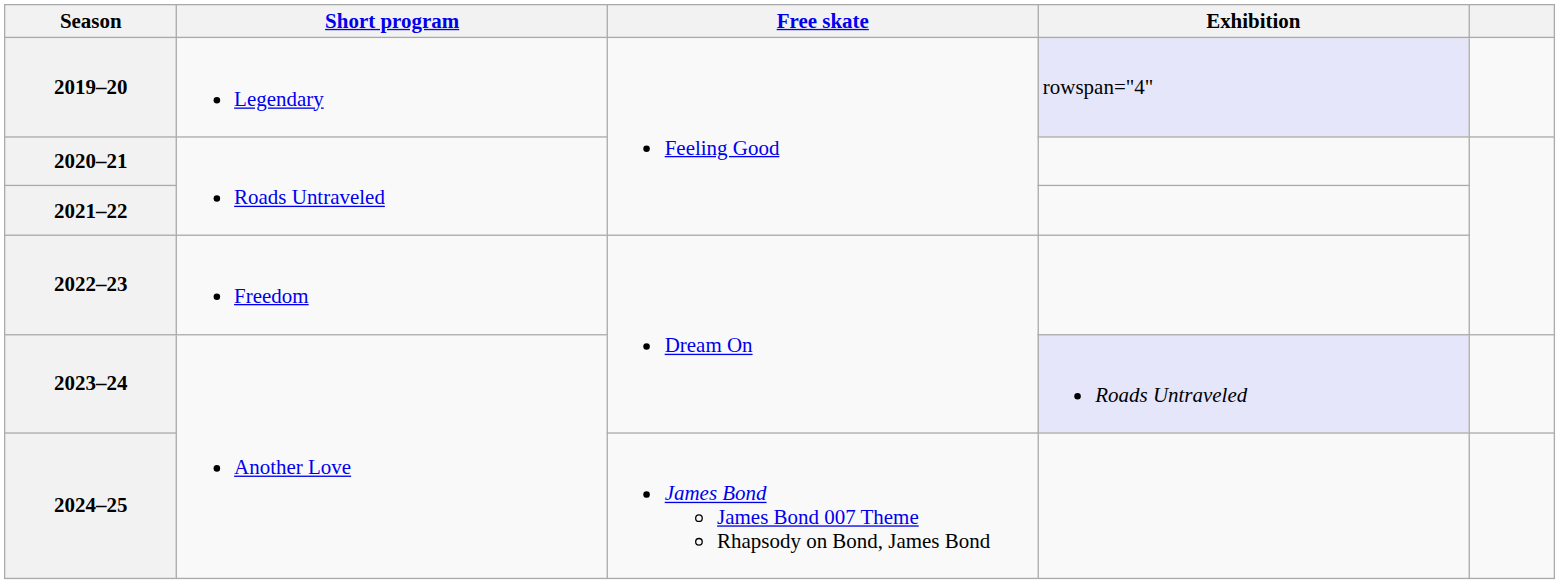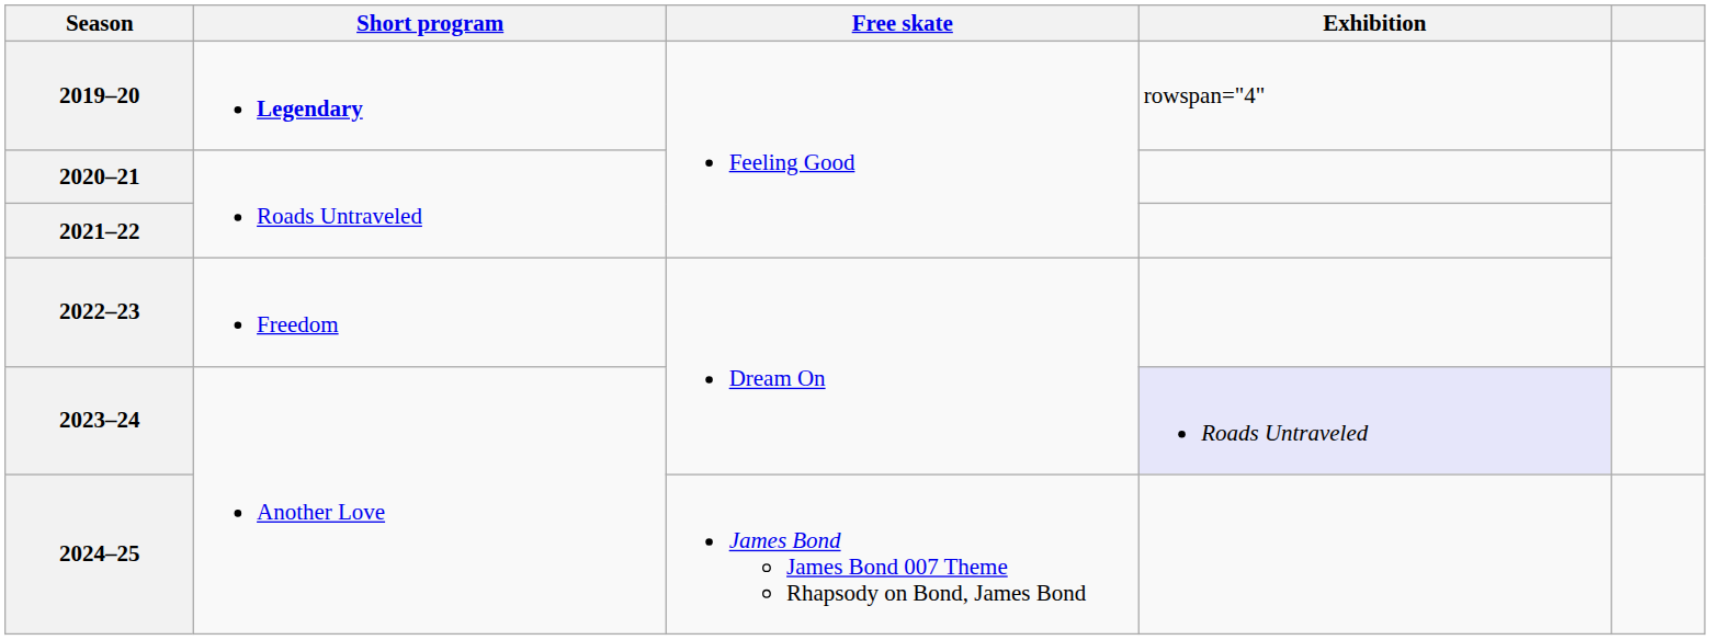 <table class="wikitable unsortable" style="text-align:left">
 <tr>
 <th scope="col" style="text-align:center; width:10%">Season</th>
 <th scope="col" style="text-align:center; width:25%"><a href='#'>Short program</a></th>
 <th scope="col" style="text-align:center; width:25%"><a href='#'>Free skate</a></th>
 <th scope="col" style="text-align:center; width:25%">Exhibition</th>
 <th scope="col" style="text-align:center; width:5%"></th>
 </tr>
 <tr>
 <th scope="row">2019–20</th>
-<td><br><ul><li><a href='#'>Legendary</a><br></li></ul></td>
+<td><strong><br><ul><li><a href='#'>Legendary</a><br></li></ul></strong></td>
 <td rowspan="3"><br><ul><li><a href='#'>Feeling Good</a><br></li></ul></td>
-<td style="background: lavender;">rowspan="4" </td>
+<td>rowspan="4" </td>
 <td></td>
 </tr>
 <tr>
 <th scope="row">2020–21</th>
 <td rowspan="2"><br><ul><li><a href='#'>Roads Untraveled</a><br></li></ul></td>
 <td></td>
 </tr>
 <tr>
 <th scope="row">2021–22</th>
 <td></td>
 </tr>
 <tr>
 <th scope="row">2022–23</th>
 <td><br><ul><li><a href='#'>Freedom</a><br></li></ul></td>
 <td rowspan="2"><br><ul><li><a href='#'>Dream On</a><br></li></ul></td>
 <td></td>
 </tr>
 <tr>
 <th scope="row">2023–24</th>
 <td rowspan="2"><br><ul><li><a href='#'>Another Love</a><br></li></ul></td>
 <td style="background: lavender;"><br><ul><li><em>Roads Untraveled</em></li></ul></td>
 <td></td>
 </tr>
 <tr>
 <th scope="row">2024–25</th>
 <td><br><ul><li><em><a href='#'>James Bond</a></em><ul><li><a href='#'>James Bond 007 Theme</a><br></li><li>Rhapsody on Bond, James Bond<br></li></ul></li></ul></td>
 <td></td>
 <td></td>
 </tr>
 </table>
